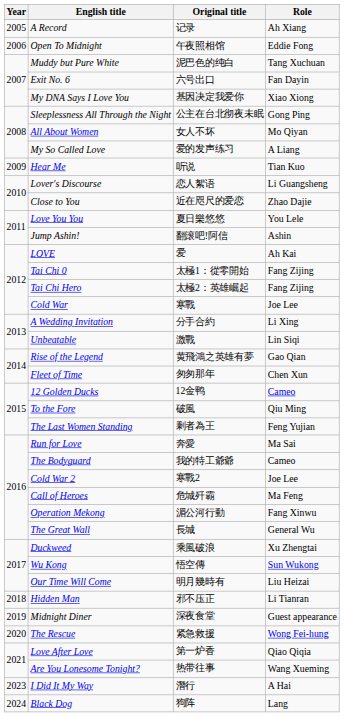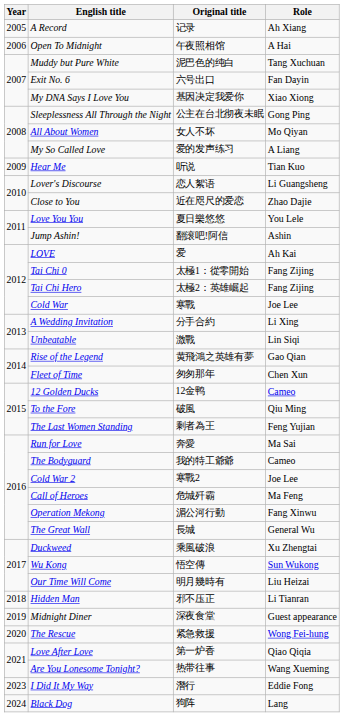 <table class="wikitable sortable">
 <tr>
 <th>Year</th>
 <th>English title</th>
 <th>Original title</th>
 <th>Role</th>
 </tr>
 <tr>
 <td>2005</td>
 <td><em>A Record</em></td>
 <td>记录</td>
 <td>Ah Xiang</td>
 </tr>
 <tr>
 <td>2006</td>
 <td><em>Open To Midnight</em></td>
 <td>午夜照相馆</td>
-<td>Eddie Fong</td>
+<td>A Hai</td>
 </tr>
 <tr>
 <td rowspan=3>2007</td>
 <td><em>Muddy but Pure White</em></td>
 <td>泥巴色的纯白</td>
 <td>Tang Xuchuan</td>
 </tr>
 <tr>
 <td><em>Exit No. 6</em></td>
 <td>六号出口</td>
 <td>Fan Dayin</td>
 </tr>
 <tr>
 <td><em>My DNA Says I Love You</em></td>
 <td>基因决定我爱你</td>
 <td>Xiao Xiong</td>
 </tr>
 <tr>
 <td rowspan=3>2008</td>
 <td><em>Sleeplessness All Through the Night</em></td>
 <td>公主在台北彻夜未眠</td>
 <td>Gong Ping</td>
 </tr>
 <tr>
 <td><em><a href='#'>All About Women</a></em></td>
 <td>女人不坏</td>
 <td>Mo Qiyan</td>
 </tr>
 <tr>
 <td><em>My So Called Love</em></td>
 <td>爱的发声练习</td>
 <td>A Liang</td>
 </tr>
 <tr>
 <td>2009</td>
 <td><em><a href='#'>Hear Me</a></em></td>
 <td>听说</td>
 <td>Tian Kuo</td>
 </tr>
 <tr>
 <td rowspan=2>2010</td>
 <td><em>Lover's Discourse</em></td>
 <td>恋人絮语</td>
 <td>Li Guangsheng</td>
 </tr>
 <tr>
 <td><em>Close to You</em></td>
 <td>近在咫尺的爱恋</td>
 <td>Zhao Dajie</td>
 </tr>
 <tr>
 <td rowspan=2>2011</td>
 <td><em><a href='#'>Love You You</a></em></td>
 <td>夏日樂悠悠</td>
 <td>You Lele</td>
 </tr>
 <tr>
 <td><em>Jump Ashin!</em></td>
 <td>翻滚吧!阿信</td>
 <td>Ashin</td>
 </tr>
 <tr>
 <td rowspan=4>2012</td>
 <td><a href='#'><em>LOVE</em></a></td>
 <td>爱</td>
 <td>Ah Kai</td>
 </tr>
 <tr>
 <td><em><a href='#'>Tai Chi 0</a></em></td>
 <td>太極1：從零開始</td>
 <td>Fang Zijing</td>
 </tr>
 <tr>
 <td><em><a href='#'>Tai Chi Hero</a></em></td>
 <td>太極2：英雄崛起</td>
 <td>Fang Zijing</td>
 </tr>
 <tr>
 <td><em><a href='#'>Cold War</a></em></td>
 <td>寒戰</td>
 <td>Joe Lee</td>
 </tr>
 <tr>
 <td rowspan=2>2013</td>
 <td><em><a href='#'>A Wedding Invitation</a></em></td>
 <td>分手合約</td>
 <td>Li Xing</td>
 </tr>
 <tr>
 <td><em><a href='#'>Unbeatable</a></em></td>
 <td>激戰</td>
 <td>Lin Siqi</td>
 </tr>
 <tr>
 <td rowspan=2>2014</td>
 <td><em><a href='#'>Rise of the Legend</a></em></td>
 <td>黄飛鴻之英雄有夢</td>
 <td>Gao Qian</td>
 </tr>
 <tr>
 <td><em><a href='#'>Fleet of Time</a></em></td>
 <td>匆匆那年</td>
 <td>Chen Xun</td>
 </tr>
 <tr>
 <td rowspan=3>2015</td>
 <td><em><a href='#'>12 Golden Ducks</a></em></td>
 <td>12金鸭</td>
 <td><a href='#'>Cameo</a></td>
 </tr>
 <tr>
 <td><em><a href='#'>To the Fore</a></em></td>
 <td>破風</td>
 <td>Qiu Ming</td>
 </tr>
 <tr>
 <td><em><a href='#'>The Last Women Standing</a></em></td>
 <td>剩者為王</td>
 <td>Feng Yujian</td>
 </tr>
 <tr>
 <td rowspan=6>2016</td>
 <td><em><a href='#'>Run for Love</a></em></td>
 <td>奔愛</td>
 <td>Ma Sai</td>
 </tr>
 <tr>
 <td><em><a href='#'>The Bodyguard</a></em></td>
 <td>我的特工爺爺</td>
 <td>Cameo</td>
 </tr>
 <tr>
 <td><em><a href='#'>Cold War 2</a></em></td>
 <td>寒戰2</td>
 <td>Joe Lee</td>
 </tr>
 <tr>
 <td><em><a href='#'>Call of Heroes</a></em></td>
 <td>危城歼霸</td>
 <td>Ma Feng</td>
 </tr>
 <tr>
 <td><em><a href='#'>Operation Mekong</a></em></td>
 <td>湄公河行動</td>
 <td>Fang Xinwu</td>
 </tr>
 <tr>
 <td><em><a href='#'>The Great Wall</a></em></td>
 <td>長城</td>
 <td>General Wu</td>
 </tr>
 <tr>
 <td rowspan=3>2017</td>
 <td><em><a href='#'>Duckweed</a></em></td>
 <td>乘風破浪</td>
 <td>Xu Zhengtai</td>
 </tr>
 <tr>
 <td><em><a href='#'>Wu Kong</a></em></td>
 <td>悟空傳</td>
 <td><a href='#'>Sun Wukong</a></td>
 </tr>
 <tr>
 <td><em><a href='#'>Our Time Will Come</a></em></td>
 <td>明月幾時有</td>
 <td>Liu Heizai</td>
 </tr>
 <tr>
 <td>2018</td>
 <td><em><a href='#'>Hidden Man</a></em></td>
 <td>邪不压正</td>
 <td>Li Tianran</td>
 </tr>
 <tr>
 <td>2019</td>
 <td><em>Midnight Diner</em></td>
 <td>深夜食堂</td>
 <td>Guest appearance</td>
 </tr>
 <tr>
 <td rowspan=1>2020</td>
 <td><em><a href='#'>The Rescue</a></em></td>
 <td>紧急救援</td>
 <td><a href='#'>Wong Fei-hung</a></td>
 </tr>
 <tr>
 <td rowspan=2>2021</td>
 <td><em><a href='#'>Love After Love</a></em></td>
 <td>第一炉香</td>
 <td>Qiao Qiqia</td>
 </tr>
 <tr>
 <td><em><a href='#'>Are You Lonesome Tonight?</a></em></td>
 <td>热带往事</td>
 <td>Wang Xueming</td>
 </tr>
 <tr>
 <td rowspan=1>2023</td>
 <td><em><a href='#'>I Did It My Way</a></em></td>
 <td>潛行</td>
-<td>A Hai</td>
+<td>Eddie Fong</td>
 </tr>
 <tr>
 <td>2024</td>
 <td><em><a href='#'>Black Dog</a></em></td>
 <td>狗阵</td>
 <td>Lang</td>
 </tr>
 </table>
